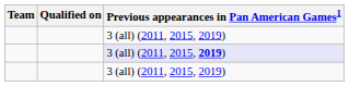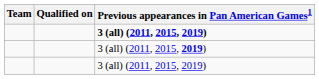 <table class="wikitable sortable">
 <tr>
 <th>Team</th>
 <th>Qualified on</th>
 <th data-sort-type="number">Previous appearances in <a href='#'>Pan American Games</a><sup><a href='#'>1</a></sup></th>
 </tr>
 <tr>
 <td></td>
 <td></td>
-<td>3 (all) (<a href='#'>2011</a>, <a href='#'>2015</a>, <a href='#'>2019</a>)</td>
+<td><strong>3 (all) (<a href='#'>2011</a>, <a href='#'>2015</a>, <a href='#'>2019</a>)</strong></td>
 </tr>
 <tr>
 <td></td>
 <td></td>
-<td style="background: lavender;">3 (all) (<a href='#'>2011</a>, <a href='#'>2015</a>, <strong><a href='#'>2019</a></strong>)</td>
+<td>3 (all) (<a href='#'>2011</a>, <a href='#'>2015</a>, <strong><a href='#'>2019</a></strong>)</td>
 </tr>
 <tr>
 <td></td>
 <td></td>
 <td>3 (all) (<a href='#'>2011</a>, <a href='#'>2015</a>, <a href='#'>2019</a>)</td>
 </tr>
 </table>
